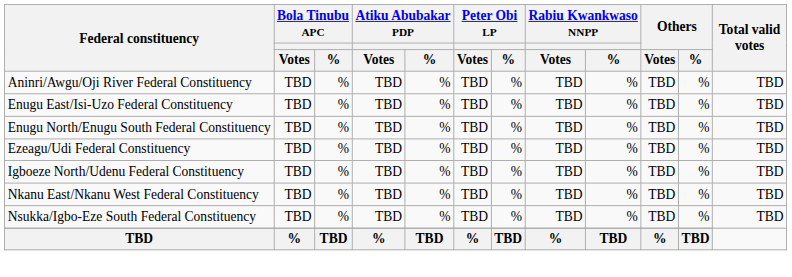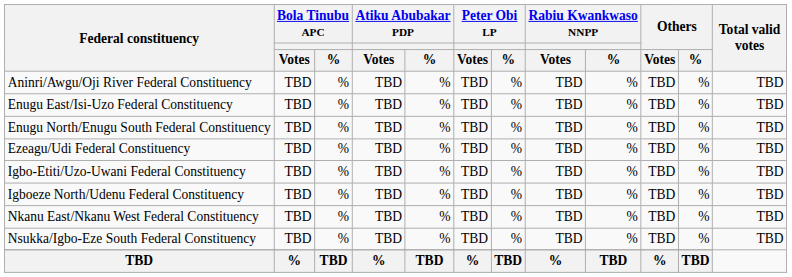 <table class="wikitable sortable" style="text-align:right; font-size:90%">
 <tr>
 <th rowspan="3" style="max-width:7.5em;">Federal constituency</th>
 <th colspan="2"><a href='#'>Bola Tinubu</a><br><small>APC</small></th>
 <th colspan="2"><a href='#'>Atiku Abubakar</a><br><small>PDP</small></th>
 <th colspan="2"><a href='#'>Peter Obi</a><br><small>LP</small></th>
 <th colspan="2"><a href='#'>Rabiu Kwankwaso</a><br><small>NNPP</small></th>
 <th colspan="2" rowspan="2">Others</th>
 <th rowspan="3" style="max-width:5em;">Total valid votes</th>
 </tr>
 <tr>
 <th colspan=2 style="background-color:"></th>
 <th colspan=2 style="background-color:"></th>
 <th colspan=2 style="background-color:"></th>
 <th colspan=2 style="background-color:"></th>
 </tr>
 <tr>
 <th>Votes</th>
 <th>%</th>
 <th>Votes</th>
 <th>%</th>
 <th>Votes</th>
 <th>%</th>
 <th>Votes</th>
 <th>%</th>
 <th>Votes</th>
 <th>%</th>
 </tr>
 <tr style="background-color:#">
 <td style="text-align:left;">Aninri/Awgu/Oji River Federal Constituency</td>
 <td>TBD</td>
 <td>%</td>
 <td>TBD</td>
 <td>%</td>
 <td>TBD</td>
 <td>%</td>
 <td>TBD</td>
 <td>%</td>
 <td>TBD</td>
 <td>%</td>
 <td>TBD</td>
 </tr>
 <tr style="background-color:#">
 <td style="text-align:left;">Enugu East/Isi-Uzo Federal Constituency</td>
 <td>TBD</td>
 <td>%</td>
 <td>TBD</td>
 <td>%</td>
 <td>TBD</td>
 <td>%</td>
 <td>TBD</td>
 <td>%</td>
 <td>TBD</td>
 <td>%</td>
 <td>TBD</td>
 </tr>
 <tr style="background-color:#">
 <td style="text-align:left;">Enugu North/Enugu South Federal Constituency</td>
 <td>TBD</td>
 <td>%</td>
 <td>TBD</td>
 <td>%</td>
 <td>TBD</td>
 <td>%</td>
 <td>TBD</td>
 <td>%</td>
 <td>TBD</td>
 <td>%</td>
 <td>TBD</td>
 </tr>
 <tr style="background-color:#">
 <td style="text-align:left;">Ezeagu/Udi Federal Constituency</td>
 <td>TBD</td>
 <td>%</td>
 <td>TBD</td>
 <td>%</td>
 <td>TBD</td>
 <td>%</td>
 <td>TBD</td>
 <td>%</td>
 <td>TBD</td>
 <td>%</td>
 <td>TBD</td>
 </tr>
 <tr style="background-color:#">
+<td style="text-align:left;">Igbo-Etiti/Uzo-Uwani Federal Constituency</td>
+<td>TBD</td>
+<td>%</td>
+<td>TBD</td>
+<td>%</td>
+<td>TBD</td>
+<td>%</td>
+<td>TBD</td>
+<td>%</td>
+<td>TBD</td>
+<td>%</td>
+<td>TBD</td>
+</tr>
+<tr style="background-color:#">
 <td style="text-align:left;">Igboeze North/Udenu Federal Constituency</td>
 <td>TBD</td>
 <td>%</td>
 <td>TBD</td>
 <td>%</td>
 <td>TBD</td>
 <td>%</td>
 <td>TBD</td>
 <td>%</td>
 <td>TBD</td>
 <td>%</td>
 <td>TBD</td>
 </tr>
 <tr style="background-color:#">
 <td style="text-align:left;">Nkanu East/Nkanu West Federal Constituency</td>
 <td>TBD</td>
 <td>%</td>
 <td>TBD</td>
 <td>%</td>
 <td>TBD</td>
 <td>%</td>
 <td>TBD</td>
 <td>%</td>
 <td>TBD</td>
 <td>%</td>
 <td>TBD</td>
 </tr>
 <tr style="background-color:#">
 <td style="text-align:left;">Nsukka/Igbo-Eze South Federal Constituency</td>
 <td>TBD</td>
 <td>%</td>
 <td>TBD</td>
 <td>%</td>
 <td>TBD</td>
 <td>%</td>
 <td>TBD</td>
 <td>%</td>
 <td>TBD</td>
 <td>%</td>
 <td>TBD</td>
 </tr>
 <tr>
 </tr>
 <tr>
 <th>TBD</th>
 <th>%</th>
 <th>TBD</th>
 <th>%</th>
 <th>TBD</th>
 <th>%</th>
 <th>TBD</th>
 <th>%</th>
 <th>TBD</th>
 <th>%</th>
 <th>TBD</th>
 </tr>
 </table>
